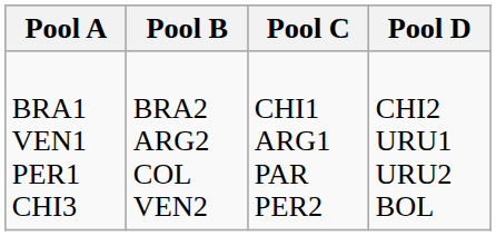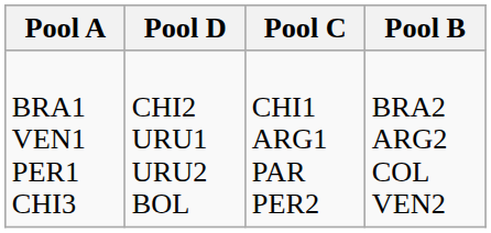 <table class="wikitable">
 <tr>
 <th width=20%>Pool A</th>
+<th width=20%>Pool D</th>
+<th width=20%>Pool C</th>
 <th width=20%>Pool B</th>
-<th width=20%>Pool C</th>
-<th width=20%>Pool D</th>
 </tr>
 <tr>
 <td><br> BRA1<br>  VEN1<br>  PER1<br>  CHI3</td>
+<td><br> CHI2<br>  URU1<br>  URU2<br>  BOL</td>
+<td><br> CHI1<br>  ARG1<br>  PAR<br>  PER2</td>
 <td><br> BRA2<br>  ARG2<br>  COL<br>  VEN2</td>
-<td><br> CHI1<br>  ARG1<br>  PAR<br>  PER2</td>
-<td><br> CHI2<br>  URU1<br>  URU2<br>  BOL</td>
 </tr>
 </table>
